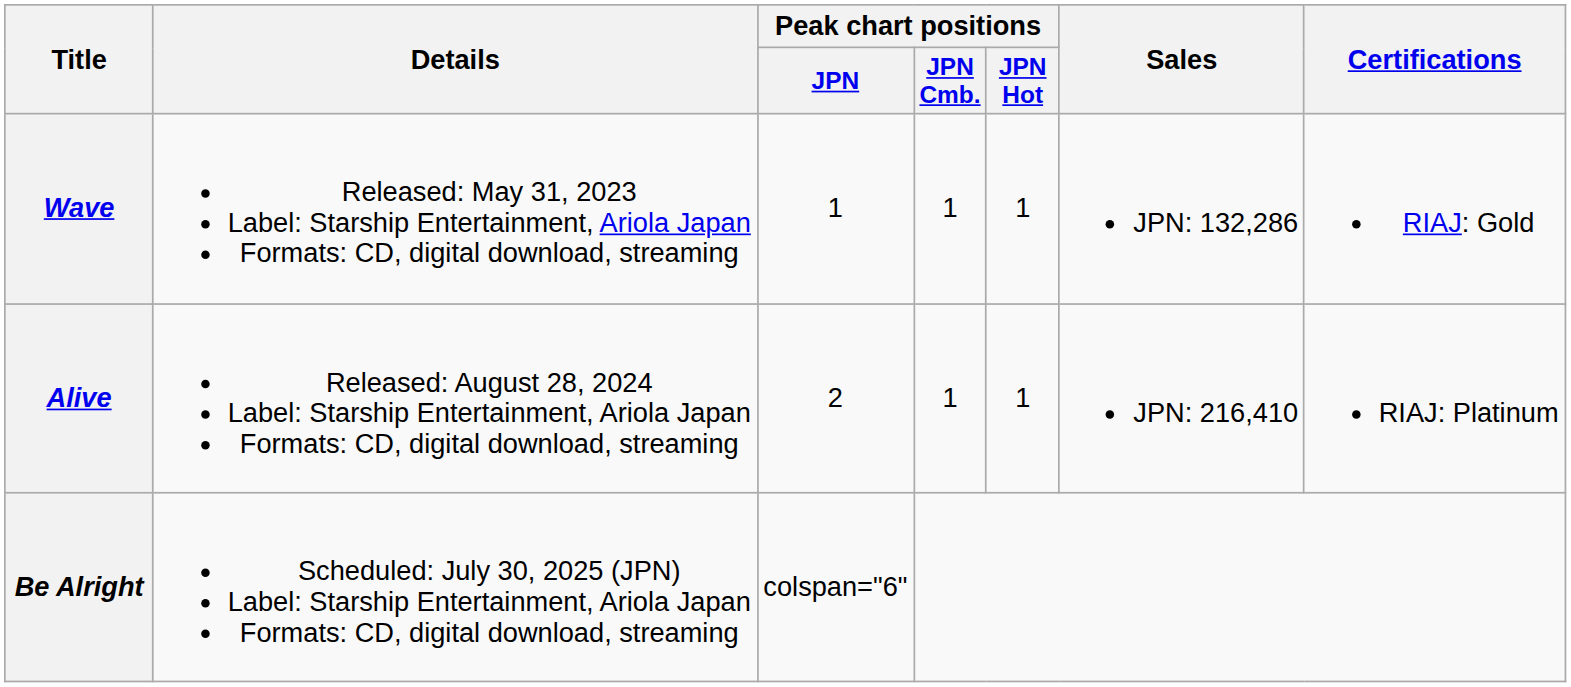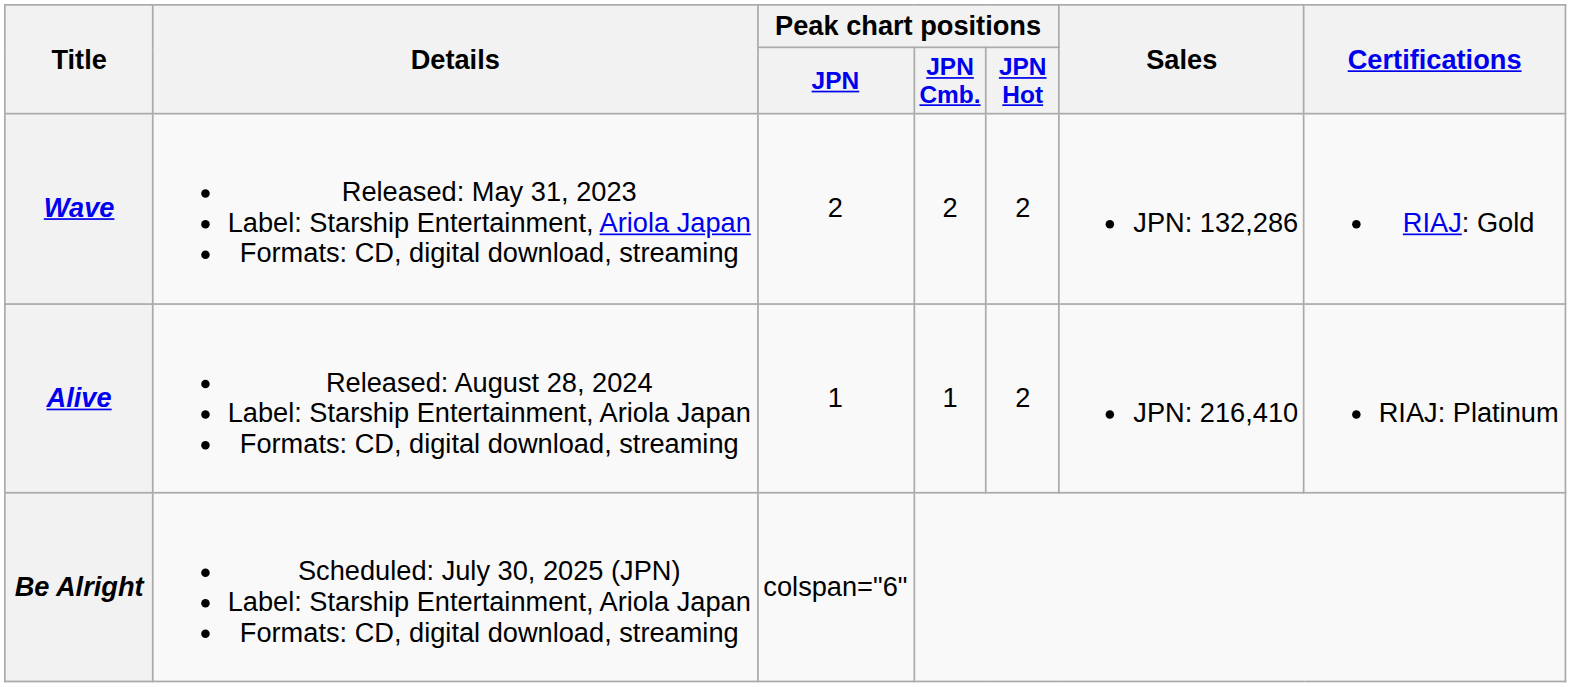 <table class="wikitable plainrowheaders" style="text-align:center">
 <tr>
 <th scope="col" rowspan="2" style="width:5em">Title</th>
 <th scope="col" rowspan="2">Details</th>
 <th scope="col" colspan="3">Peak chart positions</th>
 <th scope="col" rowspan="2">Sales</th>
 <th scope="col" rowspan="2"><a href='#'>Certifications</a></th>
 </tr>
 <tr>
 <th scope="col" style="font-size:90%; width:2.5em"><a href='#'>JPN</a><br></th>
 <th scope="col" style="font-size:90%; width:2.5em"><a href='#'>JPN<br>Cmb.</a><br></th>
 <th scope="col" style="font-size:90%; width:2.5em"><a href='#'>JPN<br>Hot</a><br></th>
 </tr>
 <tr>
 <th scope="row"><em><a href='#'>Wave</a></em></th>
 <td><br><ul><li>Released: May 31, 2023</li><li>Label: Starship Entertainment, <a href='#'>Ariola Japan</a></li><li>Formats: CD, digital download, streaming</li></ul></td>
-<td>1</td>
-<td>1</td>
-<td>1</td>
+<td>2</td>
+<td>2</td>
+<td>2</td>
 <td><br><ul><li>JPN: 132,286</li></ul></td>
 <td><br><ul><li><a href='#'>RIAJ</a>: Gold </li></ul></td>
 </tr>
 <tr>
 <th scope="row"><em><a href='#'>Alive</a></em></th>
 <td><br><ul><li>Released: August 28, 2024</li><li>Label: Starship Entertainment, Ariola Japan</li><li>Formats: CD, digital download, streaming</li></ul></td>
-<td>2</td>
 <td>1</td>
 <td>1</td>
+<td>2</td>
 <td><br><ul><li>JPN: 216,410</li></ul></td>
 <td><br><ul><li>RIAJ: Platinum </li></ul></td>
 </tr>
 <tr>
 <th scope="row"><em>Be Alright</em></th>
 <td><br><ul><li>Scheduled: July 30, 2025 (JPN)</li><li>Label: Starship Entertainment, Ariola Japan</li><li>Formats: CD, digital download, streaming</li></ul></td>
 <td>colspan="6" </td>
 </tr>
 </table>
